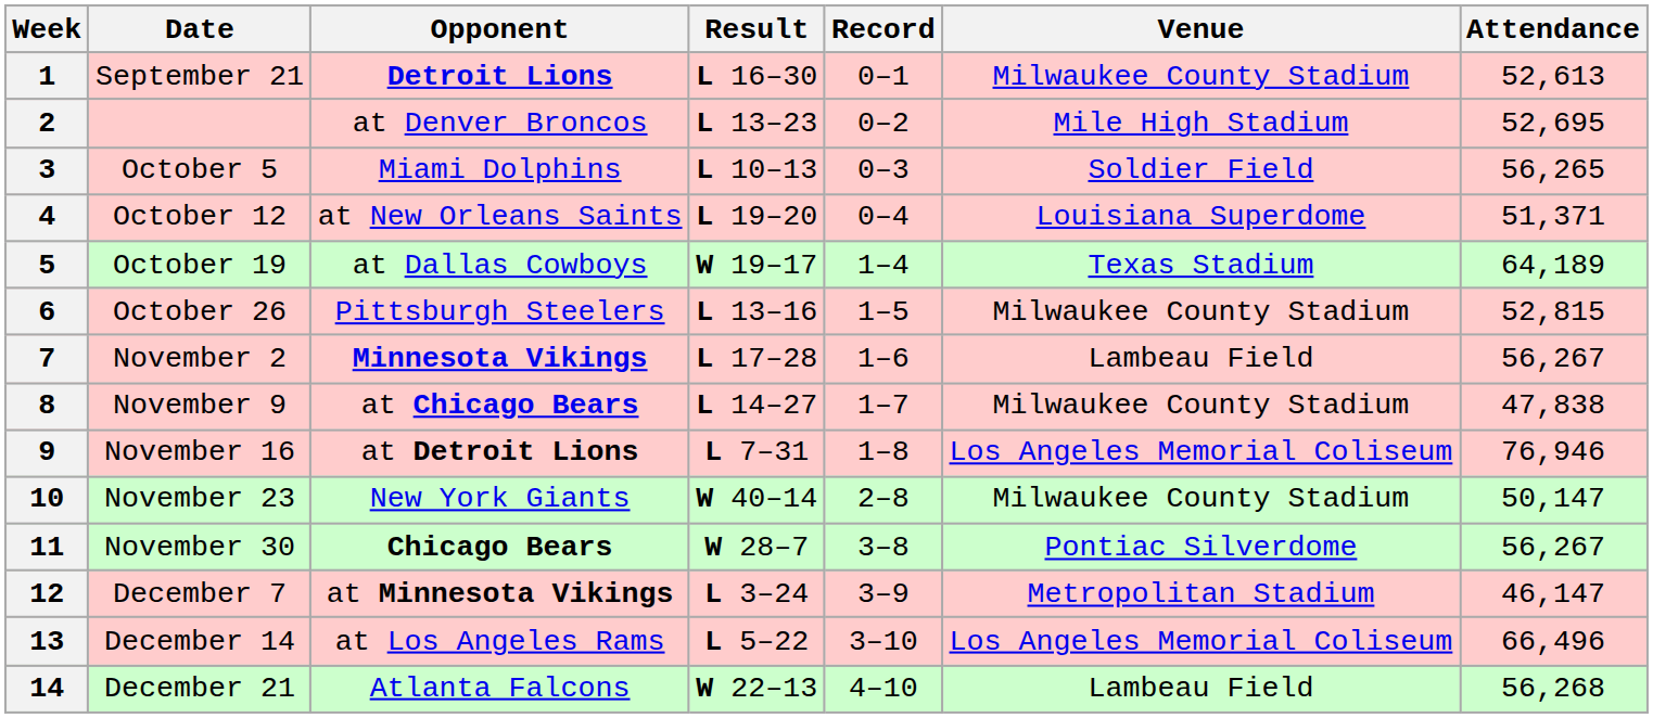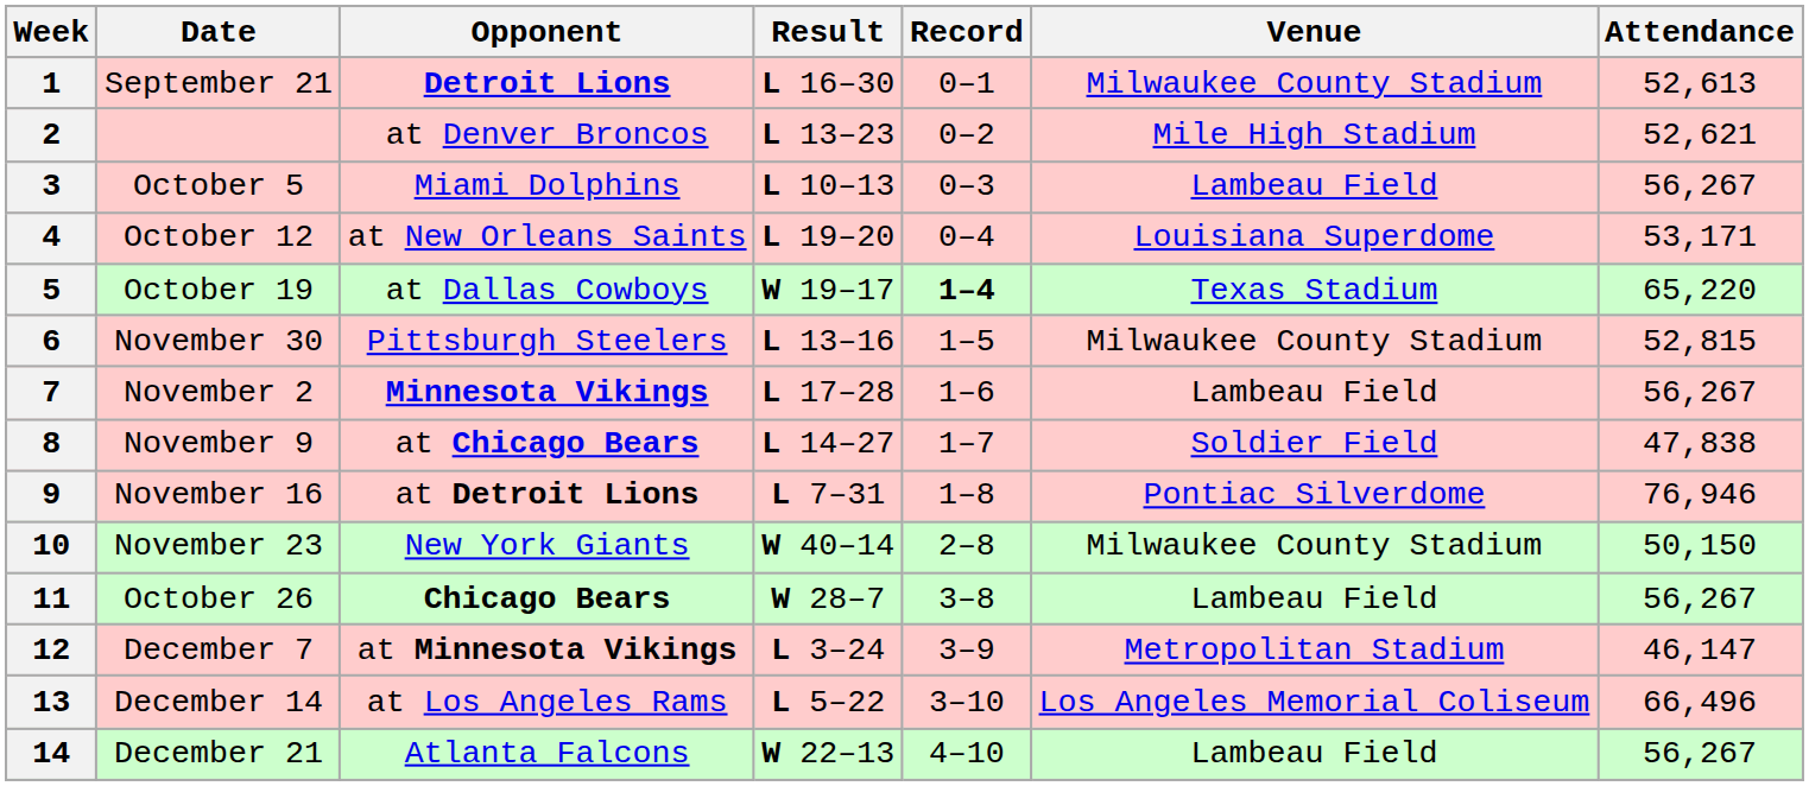 <table class="wikitable" style="text-align:center">
 <tr>
 <th>Week</th>
 <th>Date</th>
 <th>Opponent</th>
 <th>Result</th>
 <th>Record</th>
 <th>Venue</th>
 <th>Attendance</th>
 </tr>
 <tr style="background:#fcc">
 <th>1</th>
 <td>September 21</td>
 <td><strong><a href='#'>Detroit Lions</a></strong></td>
 <td><strong>L</strong> 16–30</td>
 <td>0–1</td>
 <td><a href='#'>Milwaukee County Stadium</a></td>
 <td>52,613</td>
 </tr>
 <tr style="background:#fcc">
 <th>2</th>
 <td></td>
 <td>at <a href='#'>Denver Broncos</a></td>
 <td><strong>L</strong> 13–23</td>
 <td>0–2</td>
 <td><a href='#'>Mile High Stadium</a></td>
-<td>52,695</td>
+<td>52,621</td>
 </tr>
 <tr style="background:#fcc">
 <th>3</th>
 <td>October 5</td>
 <td><a href='#'>Miami Dolphins</a></td>
 <td><strong>L</strong> 10–13</td>
 <td>0–3</td>
-<td><a href='#'>Soldier Field</a></td>
-<td>56,265</td>
+<td><a href='#'>Lambeau Field</a></td>
+<td>56,267</td>
 </tr>
 <tr style="background:#fcc">
 <th>4</th>
 <td>October 12</td>
 <td>at <a href='#'>New Orleans Saints</a></td>
 <td><strong>L</strong> 19–20</td>
 <td>0–4</td>
 <td><a href='#'>Louisiana Superdome</a></td>
-<td>51,371</td>
+<td>53,171</td>
 </tr>
 <tr style="background:#cfc">
 <th>5</th>
 <td>October 19</td>
 <td>at <a href='#'>Dallas Cowboys</a></td>
 <td><strong>W</strong> 19–17</td>
-<td>1–4</td>
+<td><strong>1–4</strong></td>
 <td><a href='#'>Texas Stadium</a></td>
-<td>64,189</td>
+<td>65,220</td>
 </tr>
 <tr style="background:#fcc">
 <th>6</th>
-<td>October 26</td>
+<td>November 30</td>
 <td><a href='#'>Pittsburgh Steelers</a></td>
 <td><strong>L</strong> 13–16</td>
 <td>1–5</td>
 <td>Milwaukee County Stadium</td>
 <td>52,815</td>
 </tr>
 <tr style="background:#fcc">
 <th>7</th>
 <td>November 2</td>
 <td><strong><a href='#'>Minnesota Vikings</a></strong></td>
 <td><strong>L</strong> 17–28</td>
 <td>1–6</td>
 <td>Lambeau Field</td>
 <td>56,267</td>
 </tr>
 <tr style="background:#fcc">
 <th>8</th>
 <td>November 9</td>
 <td>at <strong><a href='#'>Chicago Bears</a></strong></td>
 <td><strong>L</strong> 14–27</td>
 <td>1–7</td>
-<td>Milwaukee County Stadium</td>
+<td><a href='#'>Soldier Field</a></td>
 <td>47,838</td>
 </tr>
 <tr style="background:#fcc">
 <th>9</th>
 <td>November 16</td>
 <td>at <strong>Detroit Lions</strong></td>
 <td><strong>L</strong> 7–31</td>
 <td>1–8</td>
-<td><a href='#'>Los Angeles Memorial Coliseum</a></td>
+<td><a href='#'>Pontiac Silverdome</a></td>
 <td>76,946</td>
 </tr>
 <tr style="background:#cfc">
 <th>10</th>
 <td>November 23</td>
 <td><a href='#'>New York Giants</a></td>
 <td><strong>W</strong> 40–14</td>
 <td>2–8</td>
 <td>Milwaukee County Stadium</td>
-<td>50,147</td>
+<td>50,150</td>
 </tr>
 <tr style="background:#cfc">
 <th>11</th>
-<td>November 30</td>
+<td>October 26</td>
 <td><strong>Chicago Bears</strong></td>
 <td><strong>W</strong> 28–7</td>
 <td>3–8</td>
-<td><a href='#'>Pontiac Silverdome</a></td>
+<td>Lambeau Field</td>
 <td>56,267</td>
 </tr>
 <tr style="background:#fcc">
 <th>12</th>
 <td>December 7</td>
 <td>at <strong>Minnesota Vikings</strong></td>
 <td><strong>L</strong> 3–24</td>
 <td>3–9</td>
 <td><a href='#'>Metropolitan Stadium</a></td>
 <td>46,147</td>
 </tr>
 <tr style="background:#fcc">
 <th>13</th>
 <td>December 14</td>
 <td>at <a href='#'>Los Angeles Rams</a></td>
 <td><strong>L</strong> 5–22</td>
 <td>3–10</td>
 <td><a href='#'>Los Angeles Memorial Coliseum</a></td>
 <td>66,496</td>
 </tr>
 <tr style="background:#cfc">
 <th>14</th>
 <td>December 21</td>
 <td><a href='#'>Atlanta Falcons</a></td>
 <td><strong>W</strong> 22–13</td>
 <td>4–10</td>
 <td>Lambeau Field</td>
-<td>56,268</td>
+<td>56,267</td>
 </tr>
 </table>
